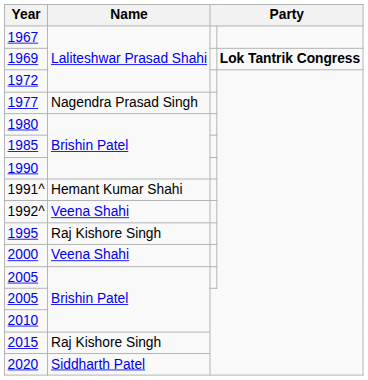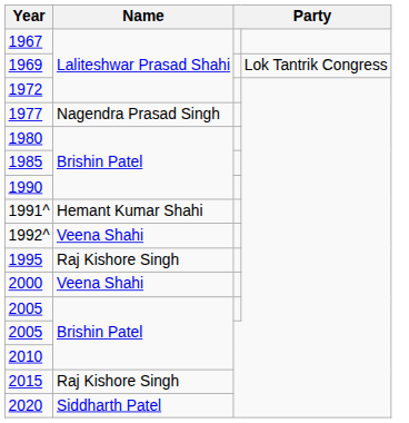 <table class="wikitable sortable">
 <tr>
 <th>Year</th>
 <th>Name</th>
 <th colspan="2">Party</th>
 </tr>
 <tr>
 <td><a href='#'>1967</a></td>
 <td rowspan="3"><a href='#'>Laliteshwar Prasad Shahi</a></td>
 <td></td>
 </tr>
 <tr>
 <td><a href='#'>1969</a></td>
 <td style="background-color: "></td>
-<td><strong>Lok Tantrik Congress</strong></td>
+<td>Lok Tantrik Congress</td>
 </tr>
 <tr>
 <td><a href='#'>1972</a></td>
 <td></td>
 </tr>
 <tr>
 <td><a href='#'>1977</a></td>
 <td>Nagendra Prasad Singh</td>
 <td></td>
 </tr>
 <tr>
 <td><a href='#'>1980</a></td>
 <td rowspan="3"><a href='#'>Brishin Patel</a></td>
 <td></td>
 </tr>
 <tr>
 <td><a href='#'>1985</a></td>
 <td></td>
 </tr>
 <tr>
 <td><a href='#'>1990</a></td>
 <td></td>
 </tr>
 <tr>
 <td>1991^</td>
 <td>Hemant Kumar Shahi</td>
 <td></td>
 </tr>
 <tr>
 <td>1992^</td>
 <td><a href='#'>Veena Shahi</a></td>
 <td></td>
 </tr>
 <tr>
 <td><a href='#'>1995</a></td>
 <td>Raj Kishore Singh</td>
 <td></td>
 </tr>
 <tr>
 <td><a href='#'>2000</a></td>
 <td><a href='#'>Veena Shahi</a></td>
 <td></td>
 </tr>
 <tr>
 <td><a href='#'>2005</a></td>
 <td rowspan="3"><a href='#'>Brishin Patel</a></td>
 <td></td>
 </tr>
 <tr>
 <td><a href='#'>2005</a></td>
 </tr>
 <tr>
 <td><a href='#'>2010</a></td>
 </tr>
 <tr>
 <td><a href='#'>2015</a></td>
 <td>Raj Kishore Singh</td>
 </tr>
 <tr>
 <td><a href='#'>2020</a></td>
 <td><a href='#'>Siddharth Patel</a></td>
 </tr>
 </table>
